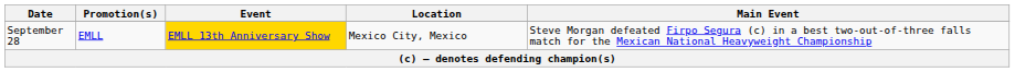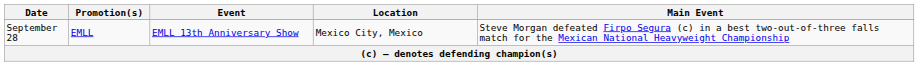 <table class="wikitable" style="width:100%">
 <tr>
 <th width=5%>Date</th>
 <th width=5%>Promotion(s)</th>
 <th style="width:15%;">Event</th>
 <th style="width:15%;">Location</th>
 <th style="width:40%;">Main Event</th>
 </tr>
 <tr style="width:20%;"| Notes>
 </tr>
 <tr>
 <td>September 28</td>
 <td><a href='#'>EMLL</a></td>
-<td style="background: gold;"><a href='#'>EMLL 13th Anniversary Show</a></td>
+<td><a href='#'>EMLL 13th Anniversary Show</a></td>
 <td>Mexico City, Mexico</td>
 <td>Steve Morgan defeated <a href='#'>Firpo Segura</a> (c) in a best two-out-of-three falls match for the <a href='#'>Mexican National Heavyweight Championship</a></td>
 </tr>
 <tr>
 <th colspan="5">(c) – denotes defending champion(s)</th>
 </tr>
 </table>
